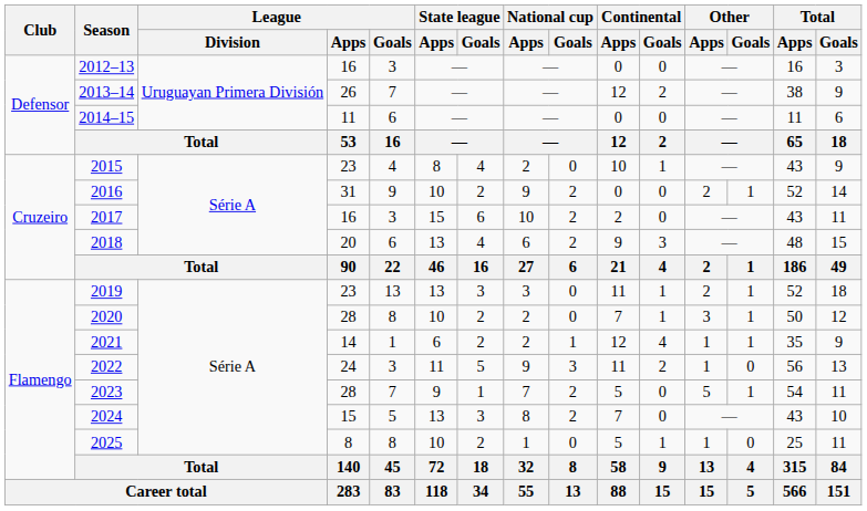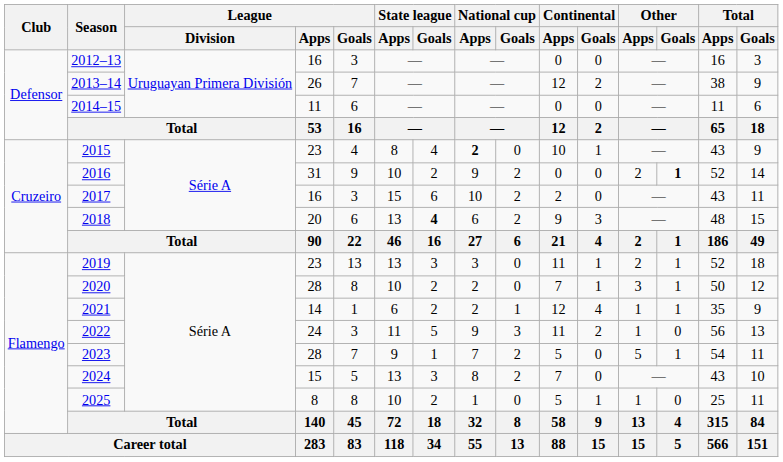 <table class="wikitable" style="text-align:center">
 <tr>
 <th rowspan="2">Club</th>
 <th rowspan="2">Season</th>
 <th colspan="3">League</th>
 <th colspan="2">State league</th>
 <th colspan="2">National cup</th>
 <th colspan="2">Continental</th>
 <th colspan="2">Other</th>
 <th colspan="2">Total</th>
 </tr>
 <tr>
 <th>Division</th>
 <th>Apps</th>
 <th>Goals</th>
 <th>Apps</th>
 <th>Goals</th>
 <th>Apps</th>
 <th>Goals</th>
 <th>Apps</th>
 <th>Goals</th>
 <th>Apps</th>
 <th>Goals</th>
 <th>Apps</th>
 <th>Goals</th>
 </tr>
 <tr>
 <td rowspan="4"><a href='#'>Defensor</a></td>
 <td><a href='#'>2012–13</a></td>
 <td rowspan="3" valign="center"><a href='#'>Uruguayan Primera División</a></td>
 <td>16</td>
 <td>3</td>
 <td colspan="2">—</td>
 <td colspan="2">—</td>
 <td>0</td>
 <td>0</td>
 <td colspan="2">—</td>
 <td>16</td>
 <td>3</td>
 </tr>
 <tr>
 <td><a href='#'>2013–14</a></td>
 <td>26</td>
 <td>7</td>
 <td colspan="2">—</td>
 <td colspan="2">—</td>
 <td>12</td>
 <td>2</td>
 <td colspan="2">—</td>
 <td>38</td>
 <td>9</td>
 </tr>
 <tr>
 <td><a href='#'>2014–15</a></td>
 <td>11</td>
 <td>6</td>
 <td colspan="2">—</td>
 <td colspan="2">—</td>
 <td>0</td>
 <td>0</td>
 <td colspan="2">—</td>
 <td>11</td>
 <td>6</td>
 </tr>
 <tr>
 <th colspan="2">Total</th>
 <th>53</th>
 <th>16</th>
 <th colspan="2">—</th>
 <th colspan="2">—</th>
 <th>12</th>
 <th>2</th>
 <th colspan="2">—</th>
 <th>65</th>
 <th>18</th>
 </tr>
 <tr>
 <td rowspan="5"><a href='#'>Cruzeiro</a></td>
 <td><a href='#'>2015</a></td>
 <td rowspan="4" valign="center"><a href='#'>Série A</a></td>
 <td>23</td>
 <td>4</td>
 <td>8</td>
 <td>4</td>
-<td>2</td>
+<td><strong>2</strong></td>
 <td>0</td>
 <td>10</td>
 <td>1</td>
 <td colspan="2">—</td>
 <td>43</td>
 <td>9</td>
 </tr>
 <tr>
 <td><a href='#'>2016</a></td>
 <td>31</td>
 <td>9</td>
 <td>10</td>
 <td>2</td>
 <td>9</td>
 <td>2</td>
 <td>0</td>
 <td>0</td>
 <td>2</td>
-<td>1</td>
+<td><strong>1</strong></td>
 <td>52</td>
 <td>14</td>
 </tr>
 <tr>
 <td><a href='#'>2017</a></td>
 <td>16</td>
 <td>3</td>
 <td>15</td>
 <td>6</td>
 <td>10</td>
 <td>2</td>
 <td>2</td>
 <td>0</td>
 <td colspan="2">—</td>
 <td>43</td>
 <td>11</td>
 </tr>
 <tr>
 <td><a href='#'>2018</a></td>
 <td>20</td>
 <td>6</td>
 <td>13</td>
-<td>4</td>
+<td><strong>4</strong></td>
 <td>6</td>
 <td>2</td>
 <td>9</td>
 <td>3</td>
 <td colspan="2">—</td>
 <td>48</td>
 <td>15</td>
 </tr>
 <tr>
 <th colspan="2">Total</th>
 <th>90</th>
 <th>22</th>
 <th>46</th>
 <th>16</th>
 <th>27</th>
 <th>6</th>
 <th>21</th>
 <th>4</th>
 <th>2</th>
 <th>1</th>
 <th>186</th>
 <th>49</th>
 </tr>
 <tr>
 <td rowspan="8"><a href='#'>Flamengo</a></td>
 <td><a href='#'>2019</a></td>
 <td rowspan="7" valign="center">Série A</td>
 <td>23</td>
 <td>13</td>
 <td>13</td>
 <td>3</td>
 <td>3</td>
 <td>0</td>
 <td>11</td>
 <td>1</td>
 <td>2</td>
 <td>1</td>
 <td>52</td>
 <td>18</td>
 </tr>
 <tr>
 <td><a href='#'>2020</a></td>
 <td>28</td>
 <td>8</td>
 <td>10</td>
 <td>2</td>
 <td>2</td>
 <td>0</td>
 <td>7</td>
 <td>1</td>
 <td>3</td>
 <td>1</td>
 <td>50</td>
 <td>12</td>
 </tr>
 <tr>
 <td><a href='#'>2021</a></td>
 <td>14</td>
 <td>1</td>
 <td>6</td>
 <td>2</td>
 <td>2</td>
 <td>1</td>
 <td>12</td>
 <td>4</td>
 <td>1</td>
 <td>1</td>
 <td>35</td>
 <td>9</td>
 </tr>
 <tr>
 <td><a href='#'>2022</a></td>
 <td>24</td>
 <td>3</td>
 <td>11</td>
 <td>5</td>
 <td>9</td>
 <td>3</td>
 <td>11</td>
 <td>2</td>
 <td>1</td>
 <td>0</td>
 <td>56</td>
 <td>13</td>
 </tr>
 <tr>
 <td><a href='#'>2023</a></td>
 <td>28</td>
 <td>7</td>
 <td>9</td>
 <td>1</td>
 <td>7</td>
 <td>2</td>
 <td>5</td>
 <td>0</td>
 <td>5</td>
 <td>1</td>
 <td>54</td>
 <td>11</td>
 </tr>
 <tr>
 <td><a href='#'>2024</a></td>
 <td>15</td>
 <td>5</td>
 <td>13</td>
 <td>3</td>
 <td>8</td>
 <td>2</td>
 <td>7</td>
 <td>0</td>
 <td colspan="2">—</td>
 <td>43</td>
 <td>10</td>
 </tr>
 <tr>
 <td><a href='#'>2025</a></td>
 <td>8</td>
 <td>8</td>
 <td>10</td>
 <td>2</td>
 <td>1</td>
 <td>0</td>
 <td>5</td>
 <td>1</td>
 <td>1</td>
 <td>0</td>
 <td>25</td>
 <td>11</td>
 </tr>
 <tr>
 <th colspan="2">Total</th>
 <th>140</th>
 <th>45</th>
 <th>72</th>
 <th>18</th>
 <th>32</th>
 <th>8</th>
 <th>58</th>
 <th>9</th>
 <th>13</th>
 <th>4</th>
 <th>315</th>
 <th>84</th>
 </tr>
 <tr>
 <th colspan="3">Career total</th>
 <th>283</th>
 <th>83</th>
 <th>118</th>
 <th>34</th>
 <th>55</th>
 <th>13</th>
 <th>88</th>
 <th>15</th>
 <th>15</th>
 <th>5</th>
 <th>566</th>
 <th>151</th>
 </tr>
 </table>
